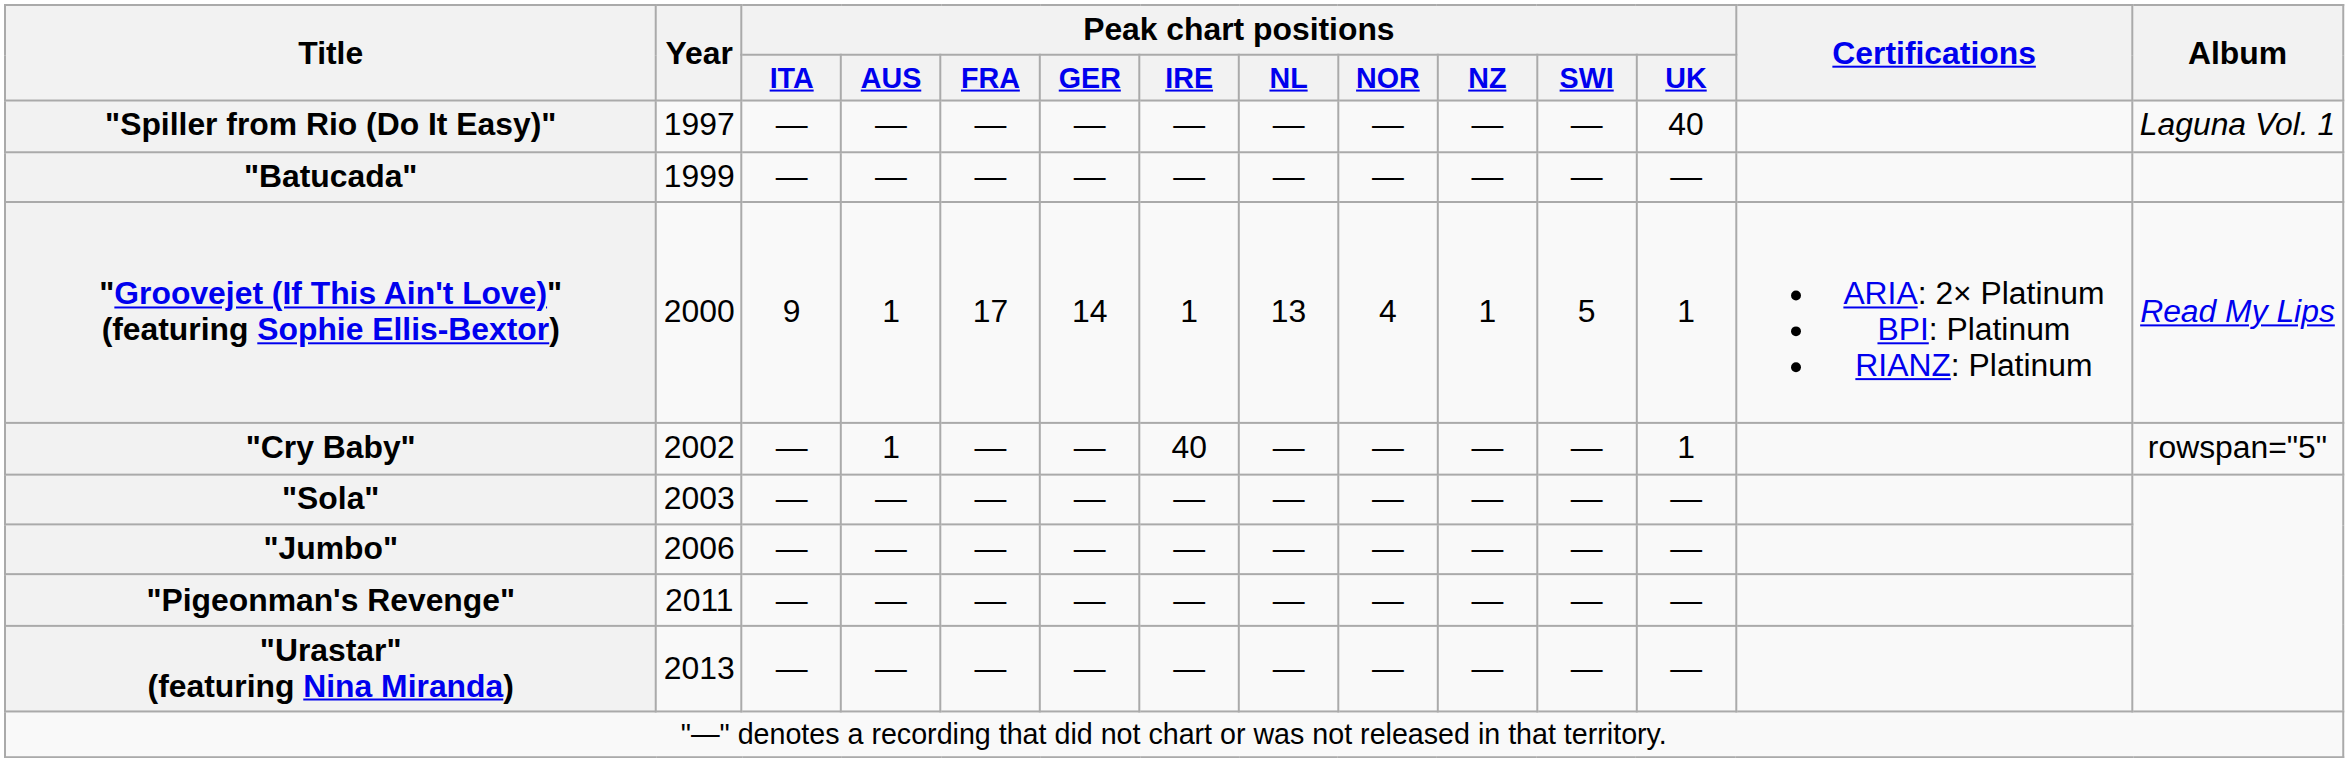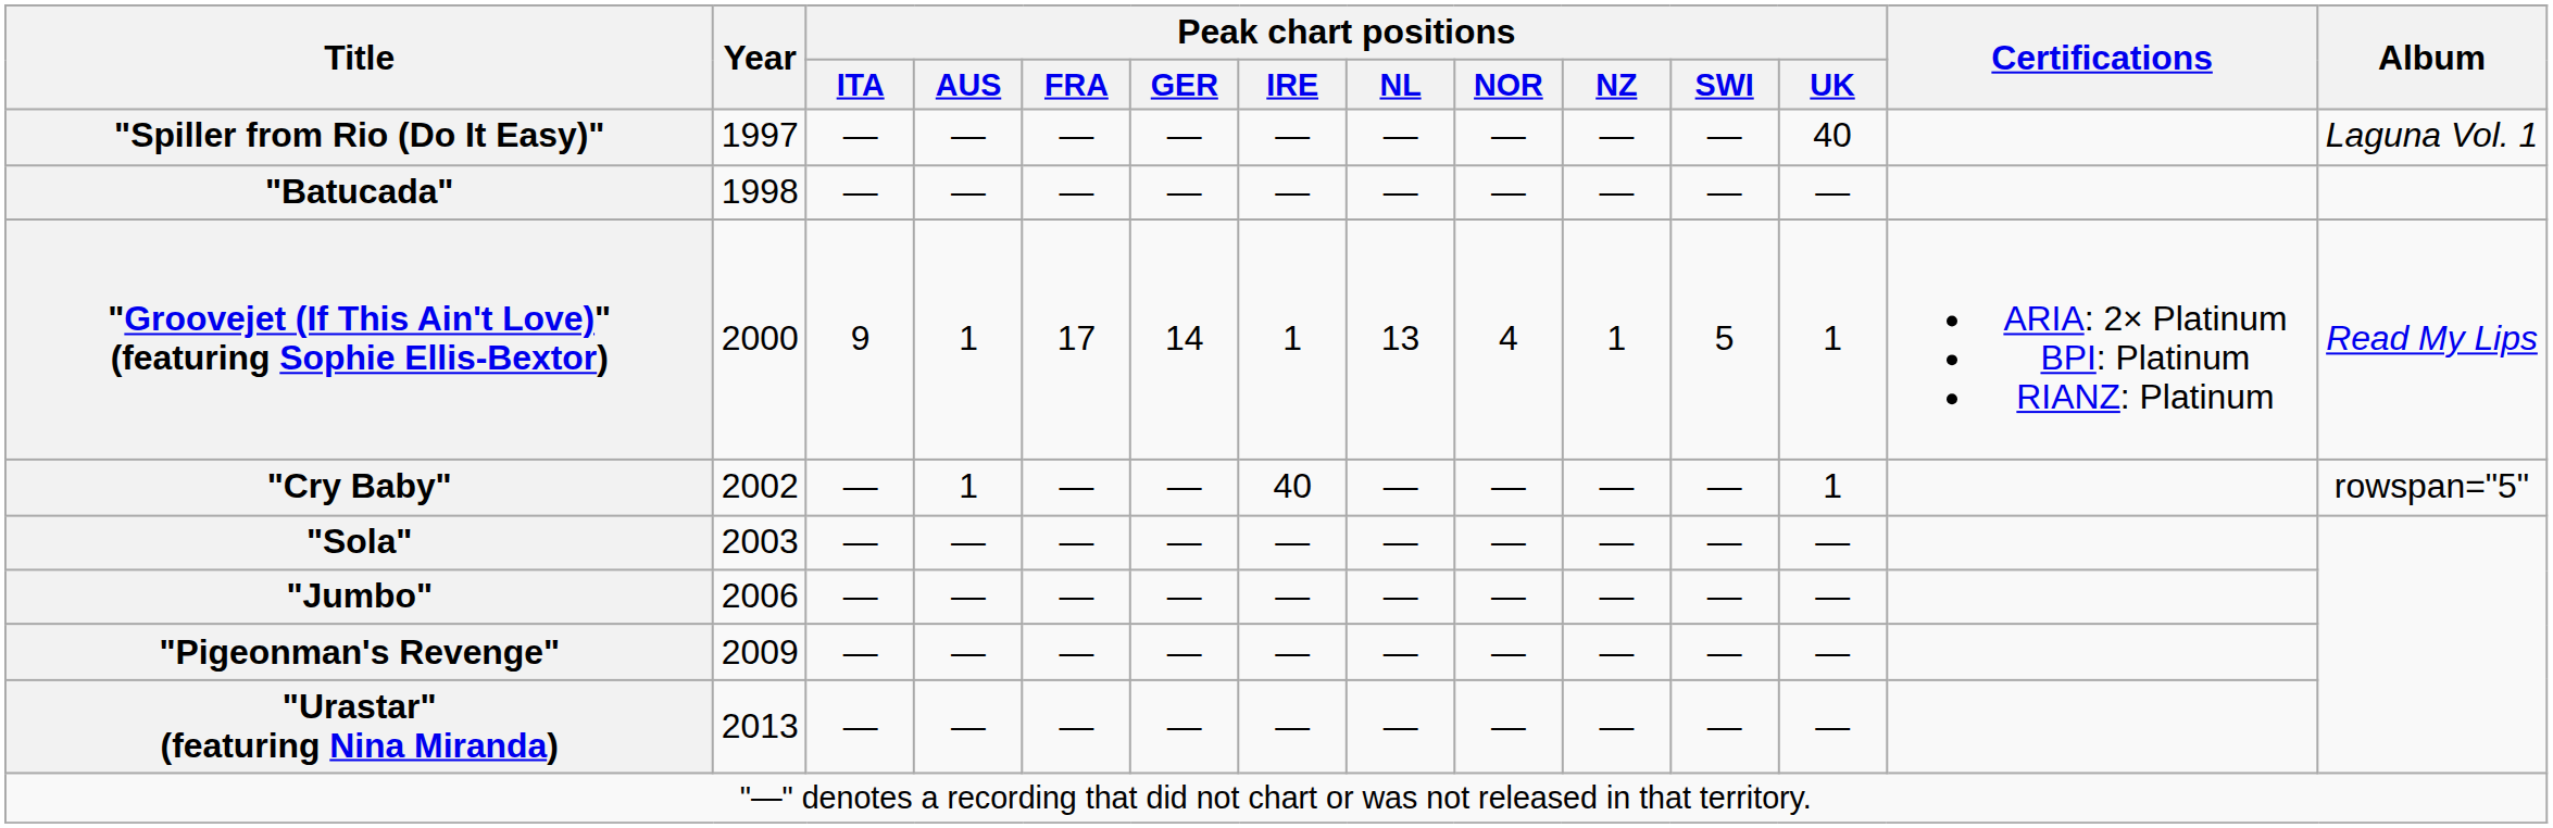 <table class="wikitable plainrowheaders" style="text-align:center;">
 <tr>
 <th scope="col" rowspan="2" style="width:20em;">Title</th>
 <th scope="col" rowspan="2">Year</th>
 <th scope="col" colspan="10">Peak chart positions</th>
 <th scope="col" rowspan="2" style="width:12em;"><a href='#'>Certifications</a></th>
 <th scope="col" rowspan="2">Album</th>
 </tr>
 <tr>
 <th style="width:3em;font-size:90%;"><a href='#'>ITA</a><br></th>
 <th style="width:3em;font-size:90%;"><a href='#'>AUS</a><br></th>
 <th style="width:3em;font-size:90%;"><a href='#'>FRA</a><br></th>
 <th style="width:3em;font-size:90%;"><a href='#'>GER</a><br></th>
 <th style="width:3em;font-size:90%;"><a href='#'>IRE</a><br></th>
 <th style="width:3em;font-size:90%;"><a href='#'>NL</a><br></th>
 <th style="width:3em;font-size:90%;"><a href='#'>NOR</a><br></th>
 <th style="width:3em;font-size:90%;"><a href='#'>NZ</a><br></th>
 <th style="width:3em;font-size:90%;"><a href='#'>SWI</a><br></th>
 <th style="width:3em;font-size:90%;"><a href='#'>UK</a><br></th>
 </tr>
 <tr>
 <th scope="row">"Spiller from Rio (Do It Easy)"</th>
 <td>1997</td>
 <td>—</td>
 <td>—</td>
 <td>—</td>
 <td>—</td>
 <td>—</td>
 <td>—</td>
 <td>—</td>
 <td>—</td>
 <td>—</td>
 <td>40</td>
 <td></td>
 <td><em>Laguna Vol. 1</em></td>
 </tr>
 <tr>
 <th scope="row">"Batucada"</th>
-<td>1999</td>
+<td>1998</td>
 <td>—</td>
 <td>—</td>
 <td>—</td>
 <td>—</td>
 <td>—</td>
 <td>—</td>
 <td>—</td>
 <td>—</td>
 <td>—</td>
 <td>—</td>
 <td></td>
 <td></td>
 </tr>
 <tr>
 <th scope="row">"<a href='#'>Groovejet (If This Ain't Love)</a>"<br><span>(featuring <a href='#'>Sophie Ellis-Bextor</a>)</span></th>
 <td>2000</td>
 <td>9</td>
 <td>1</td>
 <td>17</td>
 <td>14</td>
 <td>1</td>
 <td>13</td>
 <td>4</td>
 <td>1</td>
 <td>5</td>
 <td>1</td>
 <td><br><ul><li><a href='#'>ARIA</a>: 2× Platinum</li><li><a href='#'>BPI</a>: Platinum</li><li><a href='#'>RIANZ</a>: Platinum</li></ul></td>
 <td><em><a href='#'>Read My Lips</a></em></td>
 </tr>
 <tr>
 <th scope="row">"Cry Baby"</th>
 <td>2002</td>
 <td>—</td>
 <td>1</td>
 <td>—</td>
 <td>—</td>
 <td>40</td>
 <td>—</td>
 <td>—</td>
 <td>—</td>
 <td>—</td>
 <td>1</td>
 <td></td>
 <td>rowspan="5" </td>
 </tr>
 <tr>
 <th scope="row">"Sola"</th>
 <td>2003</td>
 <td>—</td>
 <td>—</td>
 <td>—</td>
 <td>—</td>
 <td>—</td>
 <td>—</td>
 <td>—</td>
 <td>—</td>
 <td>—</td>
 <td>—</td>
 <td></td>
 </tr>
 <tr>
 <th scope="row">"Jumbo"</th>
 <td>2006</td>
 <td>—</td>
 <td>—</td>
 <td>—</td>
 <td>—</td>
 <td>—</td>
 <td>—</td>
 <td>—</td>
 <td>—</td>
 <td>—</td>
 <td>—</td>
 <td></td>
 </tr>
 <tr>
 <th scope="row">"Pigeonman's Revenge"</th>
-<td>2011</td>
+<td>2009</td>
 <td>—</td>
 <td>—</td>
 <td>—</td>
 <td>—</td>
 <td>—</td>
 <td>—</td>
 <td>—</td>
 <td>—</td>
 <td>—</td>
 <td>—</td>
 <td></td>
 </tr>
 <tr>
 <th scope="row">"Urastar"<br><span>(featuring <a href='#'>Nina Miranda</a>)</span></th>
 <td>2013</td>
 <td>—</td>
 <td>—</td>
 <td>—</td>
 <td>—</td>
 <td>—</td>
 <td>—</td>
 <td>—</td>
 <td>—</td>
 <td>—</td>
 <td>—</td>
 <td></td>
 </tr>
 <tr>
 <td colspan="14" style="font-size:90%">"—" denotes a recording that did not chart or was not released in that territory.</td>
 </tr>
 </table>
